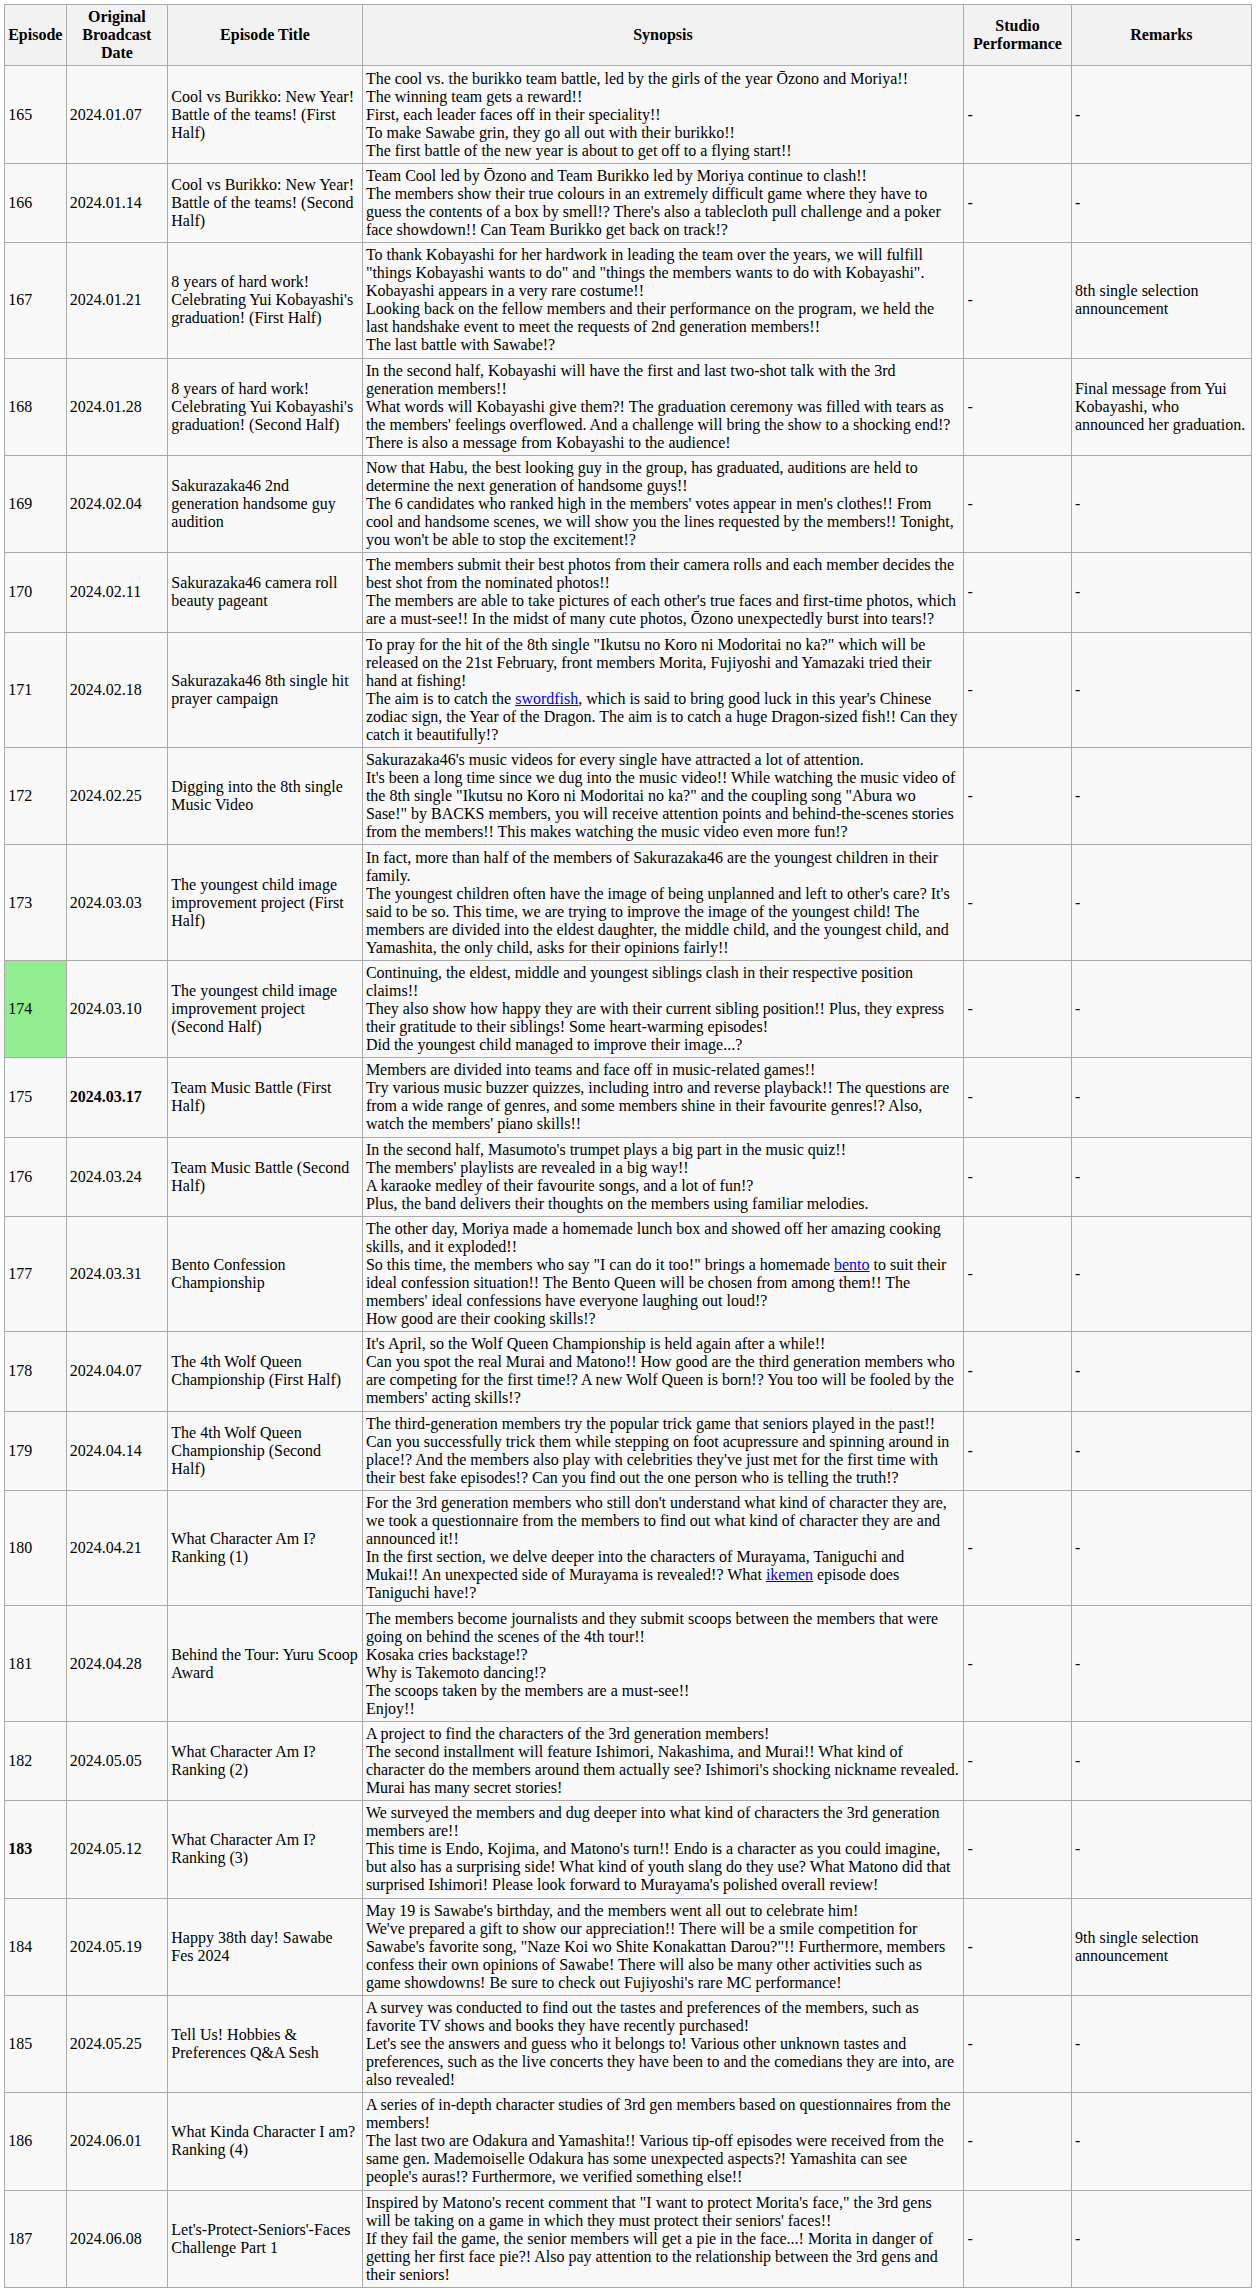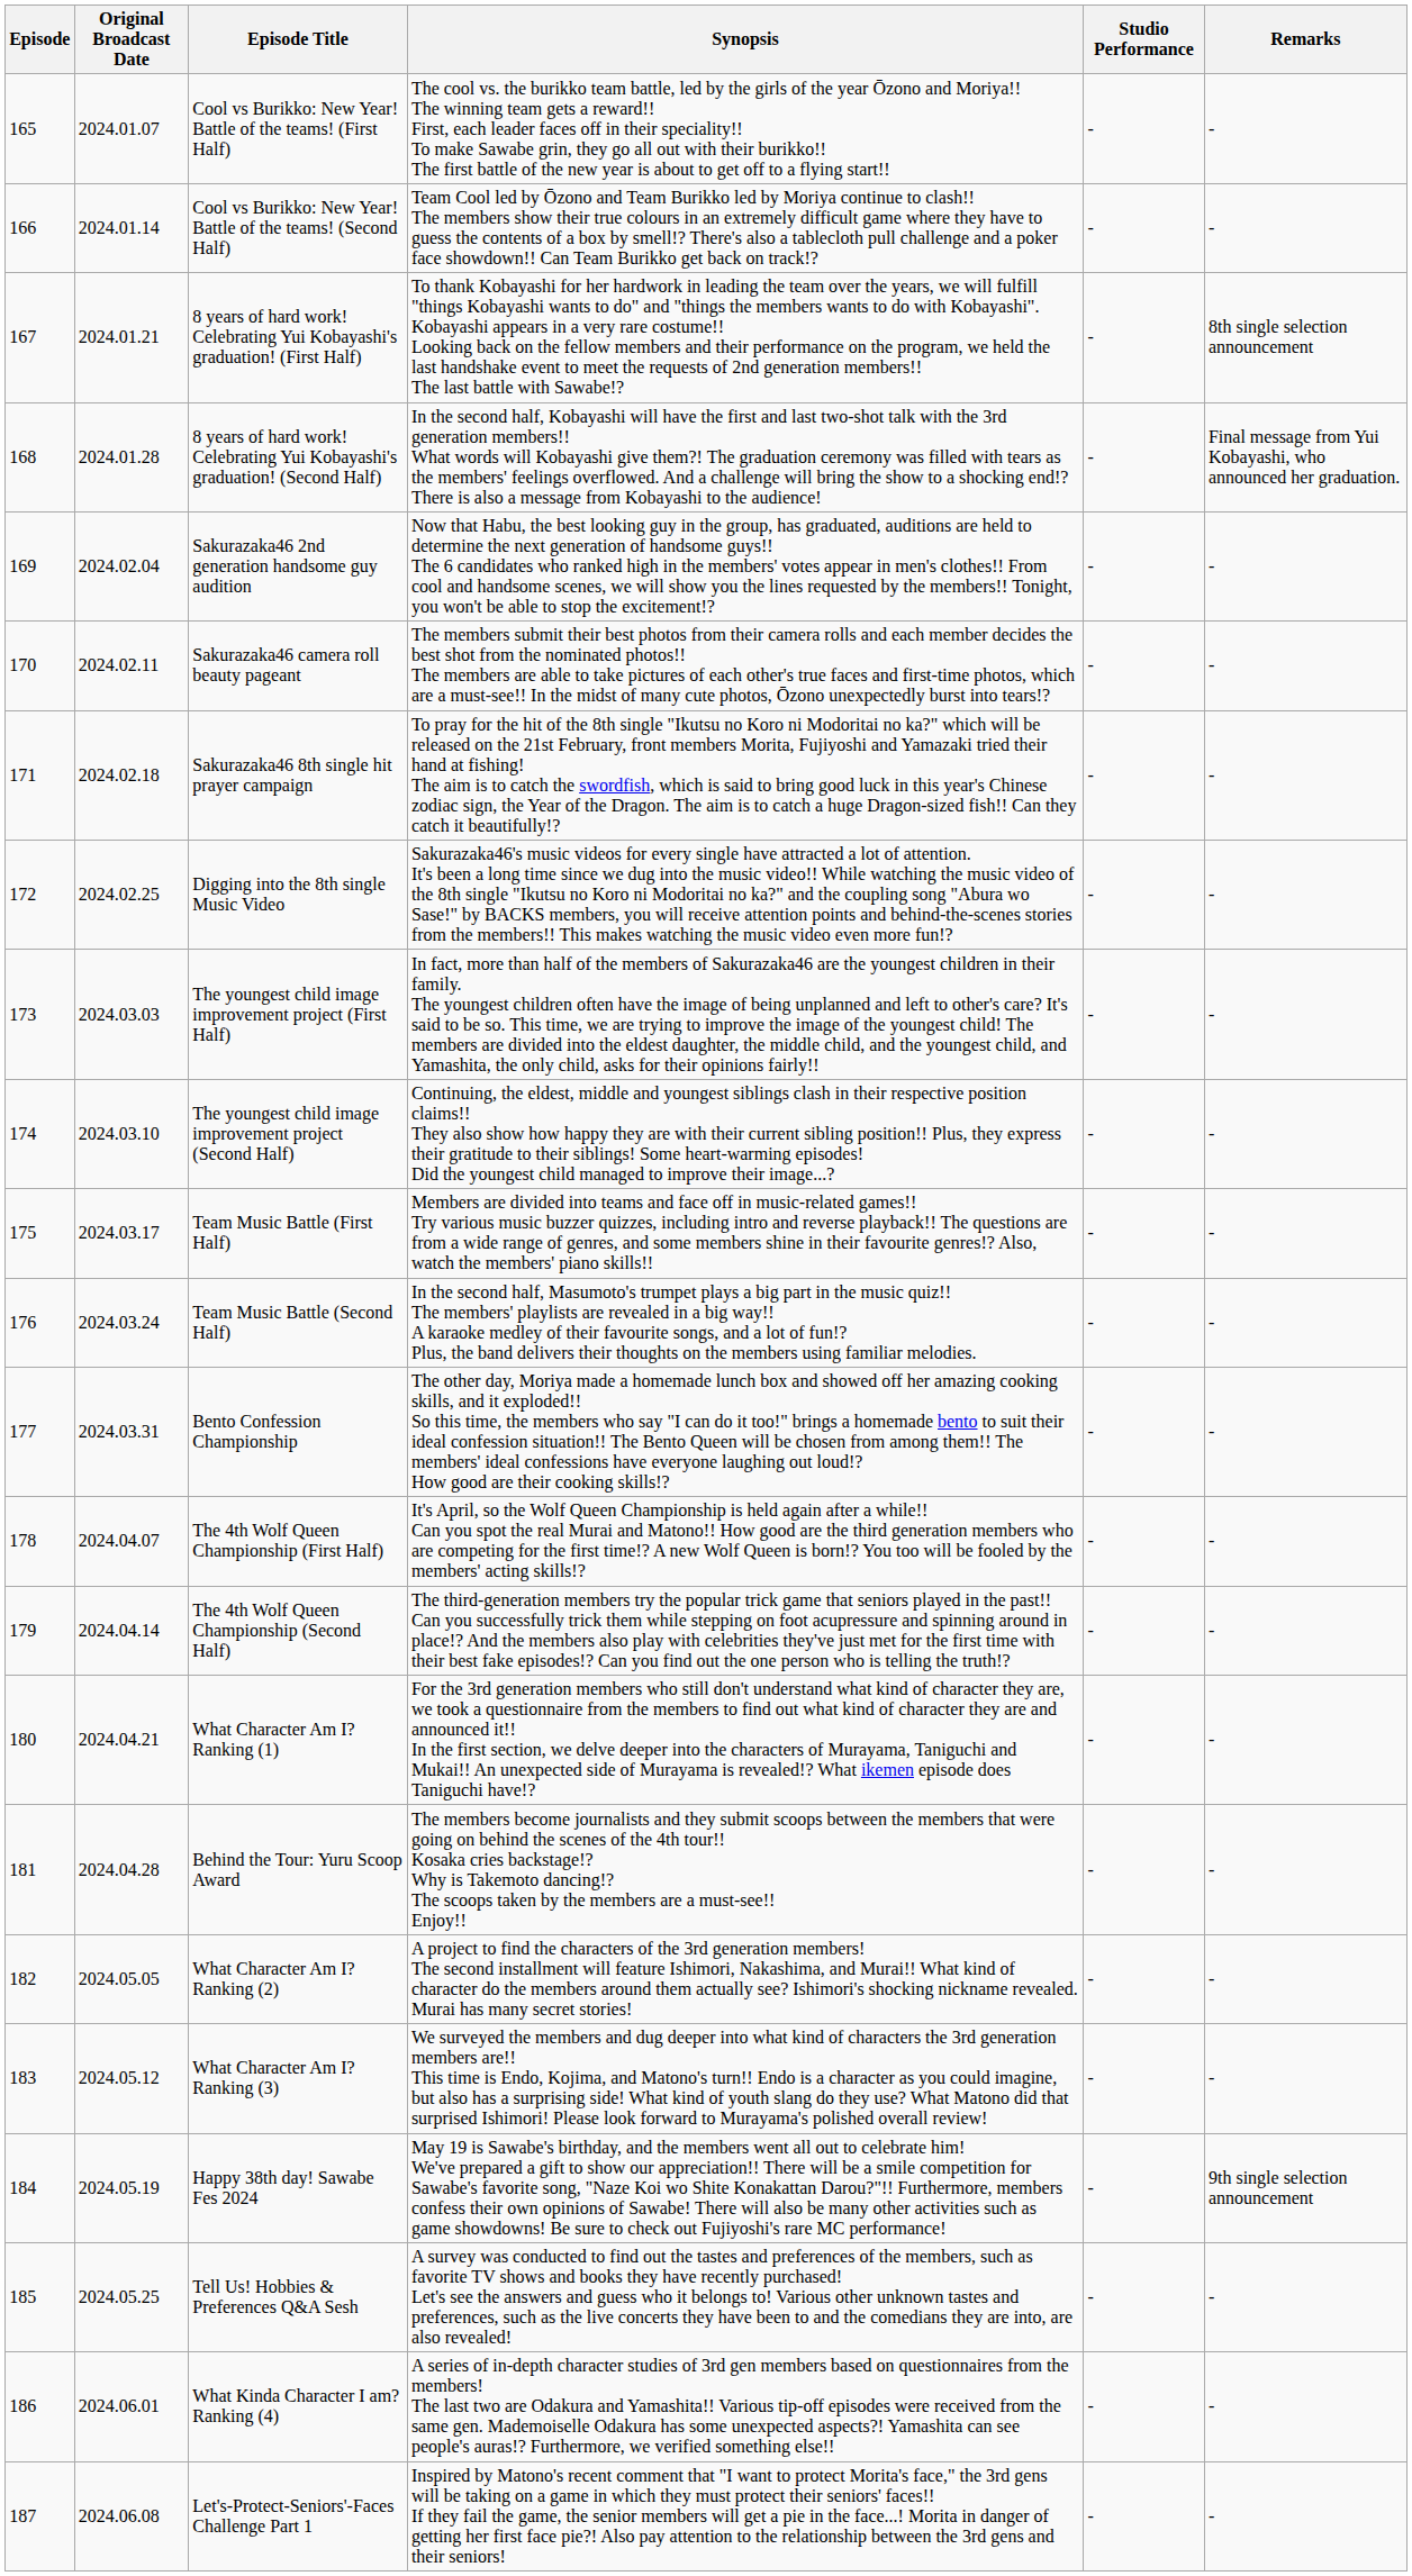 <table class="wikitable">
 <tr>
 <th>Episode</th>
 <th>Original Broadcast Date</th>
 <th>Episode Title</th>
 <th>Synopsis</th>
 <th>Studio Performance</th>
 <th>Remarks</th>
 </tr>
 <tr>
 <td>165</td>
 <td>2024.01.07</td>
 <td>Cool vs Burikko: New Year! Battle of the teams! (First Half)</td>
 <td>The cool vs. the burikko team battle, led by the girls of the year Ōzono and Moriya!!<br>The winning team gets a reward!!<br>First, each leader faces off in their speciality!!<br>To make Sawabe grin, they go all out with their burikko!!<br>The first battle of the new year is about to get off to a flying start!!</td>
 <td>-</td>
 <td>-</td>
 </tr>
 <tr>
 <td>166</td>
 <td>2024.01.14</td>
 <td>Cool vs Burikko: New Year! Battle of the teams! (Second Half)</td>
 <td>Team Cool led by Ōzono and Team Burikko led by Moriya continue to clash!!<br>The members show their true colours in an extremely difficult game where they have to guess the contents of a box by smell!? There's also a tablecloth pull challenge and a poker face showdown!! Can Team Burikko get back on track!?</td>
 <td>-</td>
 <td>-</td>
 </tr>
 <tr>
 <td>167</td>
 <td>2024.01.21</td>
 <td>8 years of hard work! Celebrating Yui Kobayashi's graduation! (First Half)</td>
 <td>To thank Kobayashi for her hardwork in leading the team over the years, we will fulfill "things Kobayashi wants to do" and "things the members wants to do with Kobayashi".<br>Kobayashi appears in a very rare costume!!<br>Looking back on the fellow members and their performance on the program, we held the last handshake event to meet the requests of 2nd generation members!!<br>The last battle with Sawabe!?</td>
 <td>-</td>
 <td>8th single selection announcement</td>
 </tr>
 <tr>
 <td>168</td>
 <td>2024.01.28</td>
 <td>8 years of hard work! Celebrating Yui Kobayashi's graduation! (Second Half)</td>
 <td>In the second half, Kobayashi will have the first and last two-shot talk with the 3rd generation members!!<br>What words will Kobayashi give them?! The graduation ceremony was filled with tears as the members' feelings overflowed. And a challenge will bring the show to a shocking end!? There is also a message from Kobayashi to the audience!</td>
 <td>-</td>
 <td>Final message from Yui Kobayashi, who announced her graduation.</td>
 </tr>
 <tr>
 <td>169</td>
 <td>2024.02.04</td>
 <td>Sakurazaka46 2nd generation handsome guy audition</td>
 <td>Now that Habu, the best looking guy in the group, has graduated, auditions are held to determine the next generation of handsome guys!!<br>The 6 candidates who ranked high in the members' votes appear in men's clothes!! From cool and handsome scenes, we will show you the lines requested by the members!! Tonight, you won't be able to stop the excitement!?</td>
 <td>-</td>
 <td>-</td>
 </tr>
 <tr>
 <td>170</td>
 <td>2024.02.11</td>
 <td>Sakurazaka46 camera roll beauty pageant</td>
 <td>The members submit their best photos from their camera rolls and each member decides the best shot from the nominated photos!!<br>The members are able to take pictures of each other's true faces and first-time photos, which are a must-see!! In the midst of many cute photos, Ōzono unexpectedly burst into tears!?</td>
 <td>-</td>
 <td>-</td>
 </tr>
 <tr>
 <td>171</td>
 <td>2024.02.18</td>
 <td>Sakurazaka46 8th single hit prayer campaign</td>
 <td>To pray for the hit of the 8th single "Ikutsu no Koro ni Modoritai no ka?" which will be released on the 21st February, front members Morita, Fujiyoshi and Yamazaki tried their hand at fishing!<br>The aim is to catch the <a href='#'>swordfish</a>, which is said to bring good luck in this year's Chinese zodiac sign, the Year of the Dragon. The aim is to catch a huge Dragon-sized fish!! Can they catch it beautifully!?</td>
 <td>-</td>
 <td>-</td>
 </tr>
 <tr>
 <td>172</td>
 <td>2024.02.25</td>
 <td>Digging into the 8th single Music Video</td>
 <td>Sakurazaka46's music videos for every single have attracted a lot of attention.<br>It's been a long time since we dug into the music video!! While watching the music video of the 8th single "Ikutsu no Koro ni Modoritai no ka?" and the coupling song "Abura wo Sase!" by BACKS members, you will receive attention points and behind-the-scenes stories from the members!! This makes watching the music video even more fun!?</td>
 <td>-</td>
 <td>-</td>
 </tr>
 <tr>
 <td>173</td>
 <td>2024.03.03</td>
 <td>The youngest child image improvement project (First Half)</td>
 <td>In fact, more than half of the members of Sakurazaka46 are the youngest children in their family.<br>The youngest children often have the image of being unplanned and left to other's care? It's said to be so. This time, we are trying to improve the image of the youngest child! The members are divided into the eldest daughter, the middle child, and the youngest child, and Yamashita, the only child, asks for their opinions fairly!!</td>
 <td>-</td>
 <td>-</td>
 </tr>
 <tr>
-<td style="background: lightgreen;">174</td>
+<td>174</td>
 <td>2024.03.10</td>
 <td>The youngest child image improvement project (Second Half)</td>
 <td>Continuing, the eldest, middle and youngest siblings clash in their respective position claims!!<br>They also show how happy they are with their current sibling position!! Plus, they express their gratitude to their siblings! Some heart-warming episodes!<br>Did the youngest child managed to improve their image...?</td>
 <td>-</td>
 <td>-</td>
 </tr>
 <tr>
 <td>175</td>
-<td><strong>2024.03.17</strong></td>
+<td>2024.03.17</td>
 <td>Team Music Battle (First Half)</td>
 <td>Members are divided into teams and face off in music-related games!!<br>Try various music buzzer quizzes, including intro and reverse playback!! The questions are from a wide range of genres, and some members shine in their favourite genres!? Also, watch the members' piano skills!!</td>
 <td>-</td>
 <td>-</td>
 </tr>
 <tr>
 <td>176</td>
 <td>2024.03.24</td>
 <td>Team Music Battle (Second Half)</td>
 <td>In the second half, Masumoto's trumpet plays a big part in the music quiz!!<br>The members' playlists are revealed in a big way!!<br>A karaoke medley of their favourite songs, and a lot of fun!?<br>Plus, the band delivers their thoughts on the members using familiar melodies.</td>
 <td>-</td>
 <td>-</td>
 </tr>
 <tr>
 <td>177</td>
 <td>2024.03.31</td>
 <td>Bento Confession Championship</td>
 <td>The other day, Moriya made a homemade lunch box and showed off her amazing cooking skills, and it exploded!!<br>So this time, the members who say "I can do it too!" brings a homemade <a href='#'>bento</a> to suit their ideal confession situation!! The Bento Queen will be chosen from among them!! The members' ideal confessions have everyone laughing out loud!?<br>How good are their cooking skills!?</td>
 <td>-</td>
 <td>-</td>
 </tr>
 <tr>
 <td>178</td>
 <td>2024.04.07</td>
 <td>The 4th Wolf Queen Championship (First Half)</td>
 <td>It's April, so the Wolf Queen Championship is held again after a while!!<br>Can you spot the real Murai and Matono!! How good are the third generation members who are competing for the first time!? A new Wolf Queen is born!? You too will be fooled by the members' acting skills!?</td>
 <td>-</td>
 <td>-</td>
 </tr>
 <tr>
 <td>179</td>
 <td>2024.04.14</td>
 <td>The 4th Wolf Queen Championship (Second Half)</td>
 <td>The third-generation members try the popular trick game that seniors played in the past!!<br>Can you successfully trick them while stepping on foot acupressure and spinning around in place!?  And the members also play with celebrities they've just met for the first time with their best fake episodes!? Can you find out the one person who is telling the truth!?</td>
 <td>-</td>
 <td>-</td>
 </tr>
 <tr>
 <td>180</td>
 <td>2024.04.21</td>
 <td>What Character Am I? Ranking (1)</td>
 <td>For the 3rd generation members who still don't understand what kind of character they are, we took a questionnaire from the members to find out what kind of character they are and announced it!!<br>In the first section, we delve deeper into the characters of Murayama, Taniguchi and Mukai!! An unexpected side of Murayama is revealed!? What <a href='#'>ikemen</a> episode does Taniguchi have!?</td>
 <td>-</td>
 <td>-</td>
 </tr>
 <tr>
 <td>181</td>
 <td>2024.04.28</td>
 <td>Behind the Tour: Yuru Scoop Award</td>
 <td>The members become journalists and they submit scoops between the members that were going on behind the scenes of the 4th tour!!<br>Kosaka cries backstage!?<br>Why is Takemoto dancing!?<br>The scoops taken by the members are a must-see!!<br>Enjoy!!</td>
 <td>-</td>
 <td>-</td>
 </tr>
 <tr>
 <td>182</td>
 <td>2024.05.05</td>
 <td>What Character Am I? Ranking (2)</td>
 <td>A project to find the characters of the 3rd generation members!<br>The second installment will feature Ishimori, Nakashima, and Murai!! What kind of character do the members around them actually see? Ishimori's shocking nickname revealed. Murai has many secret stories!</td>
 <td>-</td>
 <td>-</td>
 </tr>
 <tr>
-<td><strong>183</strong></td>
+<td>183</td>
 <td>2024.05.12</td>
 <td>What Character Am I? Ranking (3)</td>
 <td>We surveyed the members and dug deeper into what kind of characters the 3rd generation members are!!<br>This time is Endo, Kojima, and Matono's turn!! Endo is a character as you could imagine, but also has a surprising side! What kind of youth slang do they use? What Matono did that surprised Ishimori! Please look forward to Murayama's polished overall review!</td>
 <td>-</td>
 <td>-</td>
 </tr>
 <tr>
 <td>184</td>
 <td>2024.05.19</td>
 <td>Happy 38th day! Sawabe Fes 2024</td>
 <td>May 19 is Sawabe's birthday, and the members went all out to celebrate him!<br>We've prepared a gift to show our appreciation!! There will be a smile competition for Sawabe's favorite song, "Naze Koi wo Shite Konakattan Darou?"!! Furthermore, members confess their own opinions of Sawabe! There will also be many other activities such as game showdowns! Be sure to check out Fujiyoshi's rare MC performance!</td>
 <td>-</td>
 <td>9th single selection announcement</td>
 </tr>
 <tr>
 <td>185</td>
 <td>2024.05.25</td>
 <td>Tell Us! Hobbies & Preferences Q&A Sesh</td>
 <td>A survey was conducted to find out the tastes and preferences of the members, such as favorite TV shows and books they have recently purchased!<br>Let's see the answers and guess who it belongs to! Various other unknown tastes and preferences, such as the live concerts they have been to and the comedians they are into, are also revealed!</td>
 <td>-</td>
 <td>-</td>
 </tr>
 <tr>
 <td>186</td>
 <td>2024.06.01</td>
 <td>What Kinda Character I am? Ranking (4)</td>
 <td>A series of in-depth character studies of 3rd gen members based on questionnaires from the members!<br>The last two are Odakura and Yamashita!! Various tip-off episodes were received from the same gen. Mademoiselle Odakura has some unexpected aspects?! Yamashita can see people's auras!? Furthermore, we verified something else!!</td>
 <td>-</td>
 <td>-</td>
 </tr>
 <tr>
 <td>187</td>
 <td>2024.06.08</td>
 <td>Let's-Protect-Seniors'-Faces Challenge Part 1</td>
 <td>Inspired by Matono's recent comment that "I want to protect Morita's face," the 3rd gens will be taking on a game in which they must protect their seniors' faces!!<br>If they fail the game, the senior members will get a pie in the face...! Morita in danger of getting her first face pie?! Also pay attention to the relationship between the 3rd gens and their seniors!</td>
 <td>-</td>
 <td>-</td>
 </tr>
 <tr>
 </tr>
 </table>
